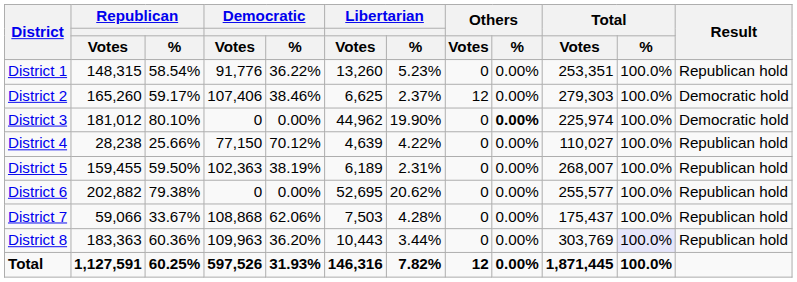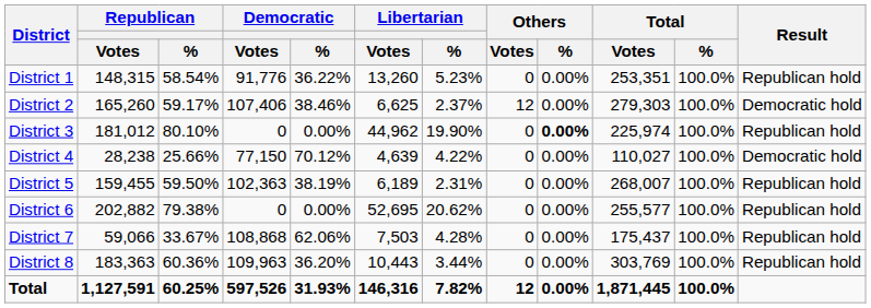 <table class="wikitable plainrowheaders sortable" style="font-size:100%; text-align:right;">
 <tr>
 <th scope=col rowspan=3><a href='#'>District</a></th>
 <th scope=col colspan=2><a href='#'>Republican</a></th>
 <th scope=col colspan=2><a href='#'>Democratic</a></th>
 <th scope=col colspan=2><a href='#'>Libertarian</a></th>
 <th scope=col colspan=2 rowspan=2>Others</th>
 <th scope=col colspan=2 rowspan=2>Total</th>
 <th scope=col rowspan=3>Result</th>
 </tr>
 <tr>
 <th scope=col colspan=2 style="background:"></th>
 <th scope=col colspan=2 style="background:"></th>
 <th scope=col colspan=2 style="background:"></th>
 </tr>
 <tr>
 <th scope=col data-sort-type="number">Votes</th>
 <th scope=col data-sort-type="number">%</th>
 <th scope=col data-sort-type="number">Votes</th>
 <th scope=col data-sort-type="number">%</th>
 <th scope=col data-sort-type="number">Votes</th>
 <th scope=col data-sort-type="number">%</th>
 <th scope=col data-sort-type="number">Votes</th>
 <th scope=col data-sort-type="number">%</th>
 <th scope=col data-sort-type="number">Votes</th>
 <th scope=col data-sort-type="number">%</th>
 </tr>
 <tr>
 <td align=left><a href='#'>District 1</a></td>
 <td>148,315</td>
 <td>58.54%</td>
 <td>91,776</td>
 <td>36.22%</td>
 <td>13,260</td>
 <td>5.23%</td>
 <td>0</td>
 <td>0.00%</td>
 <td>253,351</td>
 <td>100.0%</td>
 <td align=left>Republican hold</td>
 </tr>
 <tr>
 <td align=left><a href='#'>District 2</a></td>
 <td>165,260</td>
 <td>59.17%</td>
 <td>107,406</td>
 <td>38.46%</td>
 <td>6,625</td>
 <td>2.37%</td>
 <td>12</td>
 <td>0.00%</td>
 <td>279,303</td>
 <td>100.0%</td>
 <td align=left>Democratic hold</td>
 </tr>
 <tr>
 <td align=left><a href='#'>District 3</a></td>
 <td>181,012</td>
 <td>80.10%</td>
 <td>0</td>
 <td>0.00%</td>
 <td>44,962</td>
 <td>19.90%</td>
 <td>0</td>
 <td><strong>0.00%</strong></td>
 <td>225,974</td>
 <td>100.0%</td>
-<td align=left>Democratic hold</td>
+<td align=left>Republican hold</td>
 </tr>
 <tr>
 <td align=left><a href='#'>District 4</a></td>
 <td>28,238</td>
 <td>25.66%</td>
 <td>77,150</td>
 <td>70.12%</td>
 <td>4,639</td>
 <td>4.22%</td>
 <td>0</td>
 <td>0.00%</td>
 <td>110,027</td>
 <td>100.0%</td>
-<td align=left>Republican hold</td>
+<td align=left>Democratic hold</td>
 </tr>
 <tr>
 <td align=left><a href='#'>District 5</a></td>
 <td>159,455</td>
 <td>59.50%</td>
 <td>102,363</td>
 <td>38.19%</td>
 <td>6,189</td>
 <td>2.31%</td>
 <td>0</td>
 <td>0.00%</td>
 <td>268,007</td>
 <td>100.0%</td>
 <td align=left>Republican hold</td>
 </tr>
 <tr>
 <td align=left><a href='#'>District 6</a></td>
 <td>202,882</td>
 <td>79.38%</td>
 <td>0</td>
 <td>0.00%</td>
 <td>52,695</td>
 <td>20.62%</td>
 <td>0</td>
 <td>0.00%</td>
 <td>255,577</td>
 <td>100.0%</td>
 <td align=left>Republican hold</td>
 </tr>
 <tr>
 <td align=left><a href='#'>District 7</a></td>
 <td>59,066</td>
 <td>33.67%</td>
 <td>108,868</td>
 <td>62.06%</td>
 <td>7,503</td>
 <td>4.28%</td>
 <td>0</td>
 <td>0.00%</td>
 <td>175,437</td>
 <td>100.0%</td>
 <td align=left>Republican hold</td>
 </tr>
 <tr>
 <td align=left><a href='#'>District 8</a></td>
 <td>183,363</td>
 <td>60.36%</td>
 <td>109,963</td>
 <td>36.20%</td>
 <td>10,443</td>
 <td>3.44%</td>
 <td>0</td>
 <td>0.00%</td>
 <td>303,769</td>
-<td style="background: lavender;">100.0%</td>
+<td>100.0%</td>
 <td align=left>Republican hold</td>
 </tr>
 <tr class="sortbottom" style="font-weight:bold">
 <td align=left>Total</td>
 <td>1,127,591</td>
 <td>60.25%</td>
 <td>597,526</td>
 <td>31.93%</td>
 <td>146,316</td>
 <td>7.82%</td>
 <td>12</td>
 <td>0.00%</td>
 <td>1,871,445</td>
 <td>100.0%</td>
 <td></td>
 </tr>
 </table>
